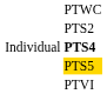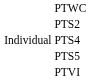 <table>
 <tr>
 <td rowspan=5>Individual</td>
 <td>PTWC<br></td>
 <td></td>
 <td></td>
 <td></td>
 </tr>
 <tr>
 <td>PTS2<br></td>
 <td></td>
 <td></td>
 <td></td>
 </tr>
 <tr>
-<td><strong>PTS4<br></strong></td>
+<td>PTS4<br></td>
 <td></td>
 <td></td>
 <td></td>
 </tr>
 <tr>
-<td style="background: gold;">PTS5<br></td>
+<td>PTS5<br></td>
 <td></td>
 <td></td>
 <td></td>
 </tr>
 <tr>
 <td>PTVI<br></td>
 <td></td>
 <td></td>
 <td></td>
 </tr>
 </table>
